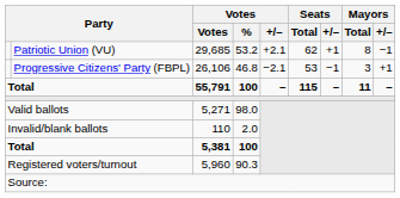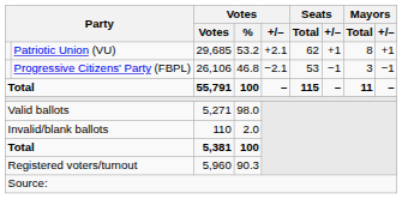 <table class=wikitable style=text-align:right>
 <tr>
 <th colspan=2 rowspan=2 width ='250px'>Party</th>
 <th colspan=3>Votes</th>
 <th colspan=2>Seats</th>
 <th colspan=2>Mayors</th>
 </tr>
 <tr>
 <th>Votes</th>
 <th>%</th>
 <th>+/–</th>
 <th>Total</th>
 <th>+/–</th>
 <th>Total</th>
 <th>+/–</th>
 </tr>
 <tr>
 <td width="1"></td>
 <td align=left><a href='#'>Patriotic Union</a> (VU)</td>
 <td>29,685</td>
 <td>53.2</td>
 <td>+2.1</td>
 <td>62</td>
 <td>+1</td>
 <td>8</td>
-<td>−1</td>
+<td>+1</td>
 </tr>
 <tr>
 <td width="1"></td>
 <td align=left><a href='#'>Progressive Citizens' Party</a> (FBPL)</td>
 <td>26,106</td>
 <td>46.8</td>
 <td>−2.1</td>
 <td>53</td>
 <td>−1</td>
 <td>3</td>
-<td>+1</td>
+<td>−1</td>
 </tr>
 <tr>
 <td colspan=2 align=left><strong>Total</strong></td>
 <td><strong>55,791</strong></td>
 <td><strong>100</strong></td>
 <td><strong>–</strong></td>
 <td><strong>115</strong></td>
 <td><strong>–</strong></td>
 <td><strong>11</strong></td>
 <td><strong>–</strong></td>
 </tr>
 <tr>
 <td colspan=9 bgcolor=#E9E9E9></td>
 </tr>
 <tr>
 <td colspan=2 align=left>Valid ballots</td>
 <td>5,271</td>
 <td>98.0</td>
 <td colspan=5 rowspan=4 bgcolor=#E9E9E9></td>
 </tr>
 <tr>
 <td colspan=2 align=left>Invalid/blank ballots</td>
 <td>110</td>
 <td>2.0</td>
 </tr>
 <tr>
 <td colspan=2 align=left><strong>Total</strong></td>
 <td><strong>5,381</strong></td>
 <td><strong>100</strong></td>
 </tr>
 <tr>
 <td colspan=2 align=left>Registered voters/turnout</td>
 <td>5,960</td>
 <td>90.3</td>
 </tr>
 <tr>
 <td align=left colspan=9>Source: </td>
 </tr>
 </table>
